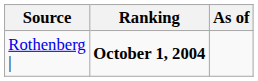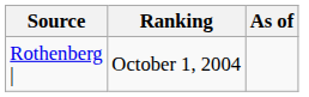 <table class="wikitable" style="text-align:center">
 <tr>
 <th>Source</th>
 <th>Ranking</th>
 <th>As of</th>
 </tr>
 <tr>
 <td style="text-align:left"><a href='#'>Rothenberg</a><br>| </td>
-<td><strong>October 1, 2004</strong></td>
+<td>October 1, 2004</td>
 </tr>
 </table>
